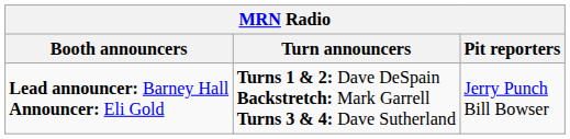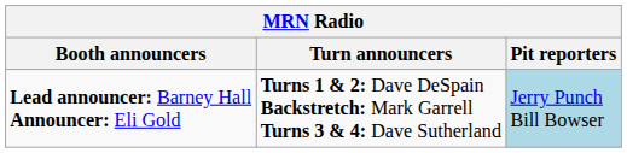 <table class="wikitable" style="font-size: 95%;">
 <tr>
 <th colspan="3"><a href='#'>MRN</a> Radio</th>
 </tr>
 <tr>
 <th>Booth announcers</th>
 <th>Turn announcers</th>
 <th>Pit reporters</th>
 </tr>
 <tr>
 <td><strong>Lead announcer:</strong> <a href='#'>Barney Hall</a><br><strong>Announcer:</strong> <a href='#'>Eli Gold</a></td>
 <td><strong>Turns 1 & 2:</strong> Dave DeSpain<br><strong>Backstretch:</strong> Mark Garrell<br><strong>Turns 3 & 4:</strong> Dave Sutherland</td>
-<td><a href='#'>Jerry Punch</a><br>Bill Bowser</td>
+<td style="background: lightblue;"><a href='#'>Jerry Punch</a><br>Bill Bowser</td>
 </tr>
 </table>
